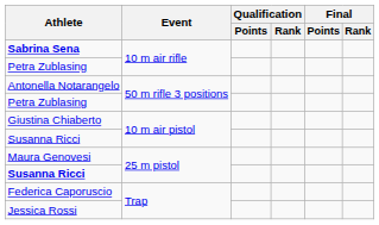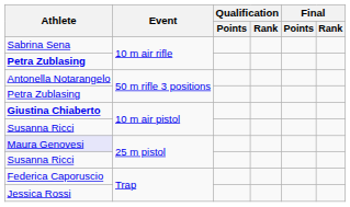 <table class="wikitable" style="font-size:90%">
 <tr>
 <th rowspan="2">Athlete</th>
 <th rowspan="2">Event</th>
 <th colspan=2>Qualification</th>
 <th colspan=2>Final</th>
 </tr>
 <tr style="font-size:95%">
 <th>Points</th>
 <th>Rank</th>
 <th>Points</th>
 <th>Rank</th>
 </tr>
 <tr align=center>
-<td align=left><strong><a href='#'>Sabrina Sena</a></strong></td>
+<td align=left><a href='#'>Sabrina Sena</a></td>
 <td align=left rowspan=2><a href='#'>10 m air rifle</a></td>
 <td></td>
 <td></td>
 <td></td>
 <td></td>
 </tr>
 <tr align=center>
-<td align=left><a href='#'>Petra Zublasing</a></td>
+<td align=left><strong><a href='#'>Petra Zublasing</a></strong></td>
 <td></td>
 <td></td>
 <td></td>
 <td></td>
 </tr>
 <tr align=center>
 <td align=left><a href='#'>Antonella Notarangelo</a></td>
 <td align=left rowspan=2><a href='#'>50 m rifle 3 positions</a></td>
 <td></td>
 <td></td>
 <td></td>
 <td></td>
 </tr>
 <tr align=center>
 <td align=left><a href='#'>Petra Zublasing</a></td>
 <td></td>
 <td></td>
 <td></td>
 <td></td>
 </tr>
 <tr align=center>
-<td align=left><a href='#'>Giustina Chiaberto</a></td>
+<td align=left><strong><a href='#'>Giustina Chiaberto</a></strong></td>
 <td align=left rowspan=2><a href='#'>10 m air pistol</a></td>
 <td></td>
 <td></td>
 <td></td>
 <td></td>
 </tr>
 <tr align=center>
 <td align=left><a href='#'>Susanna Ricci</a></td>
 <td></td>
 <td></td>
 <td></td>
 <td></td>
 </tr>
 <tr align=center>
-<td align=left><a href='#'>Maura Genovesi</a></td>
+<td align=left style="background: lavender;"><a href='#'>Maura Genovesi</a></td>
 <td align=left rowspan=2><a href='#'>25 m pistol</a></td>
 <td></td>
 <td></td>
 <td></td>
 <td></td>
 </tr>
 <tr align=center>
-<td align=left><strong><a href='#'>Susanna Ricci</a></strong></td>
+<td align=left><a href='#'>Susanna Ricci</a></td>
 <td></td>
 <td></td>
 <td></td>
 <td></td>
 </tr>
 <tr align=center>
 <td align=left><a href='#'>Federica Caporuscio</a></td>
 <td align=left rowspan=2><a href='#'>Trap</a></td>
 <td></td>
 <td></td>
 <td></td>
 <td></td>
 </tr>
 <tr align=center>
 <td align=left><a href='#'>Jessica Rossi</a></td>
 <td></td>
 <td></td>
 <td></td>
 <td></td>
 </tr>
 </table>
